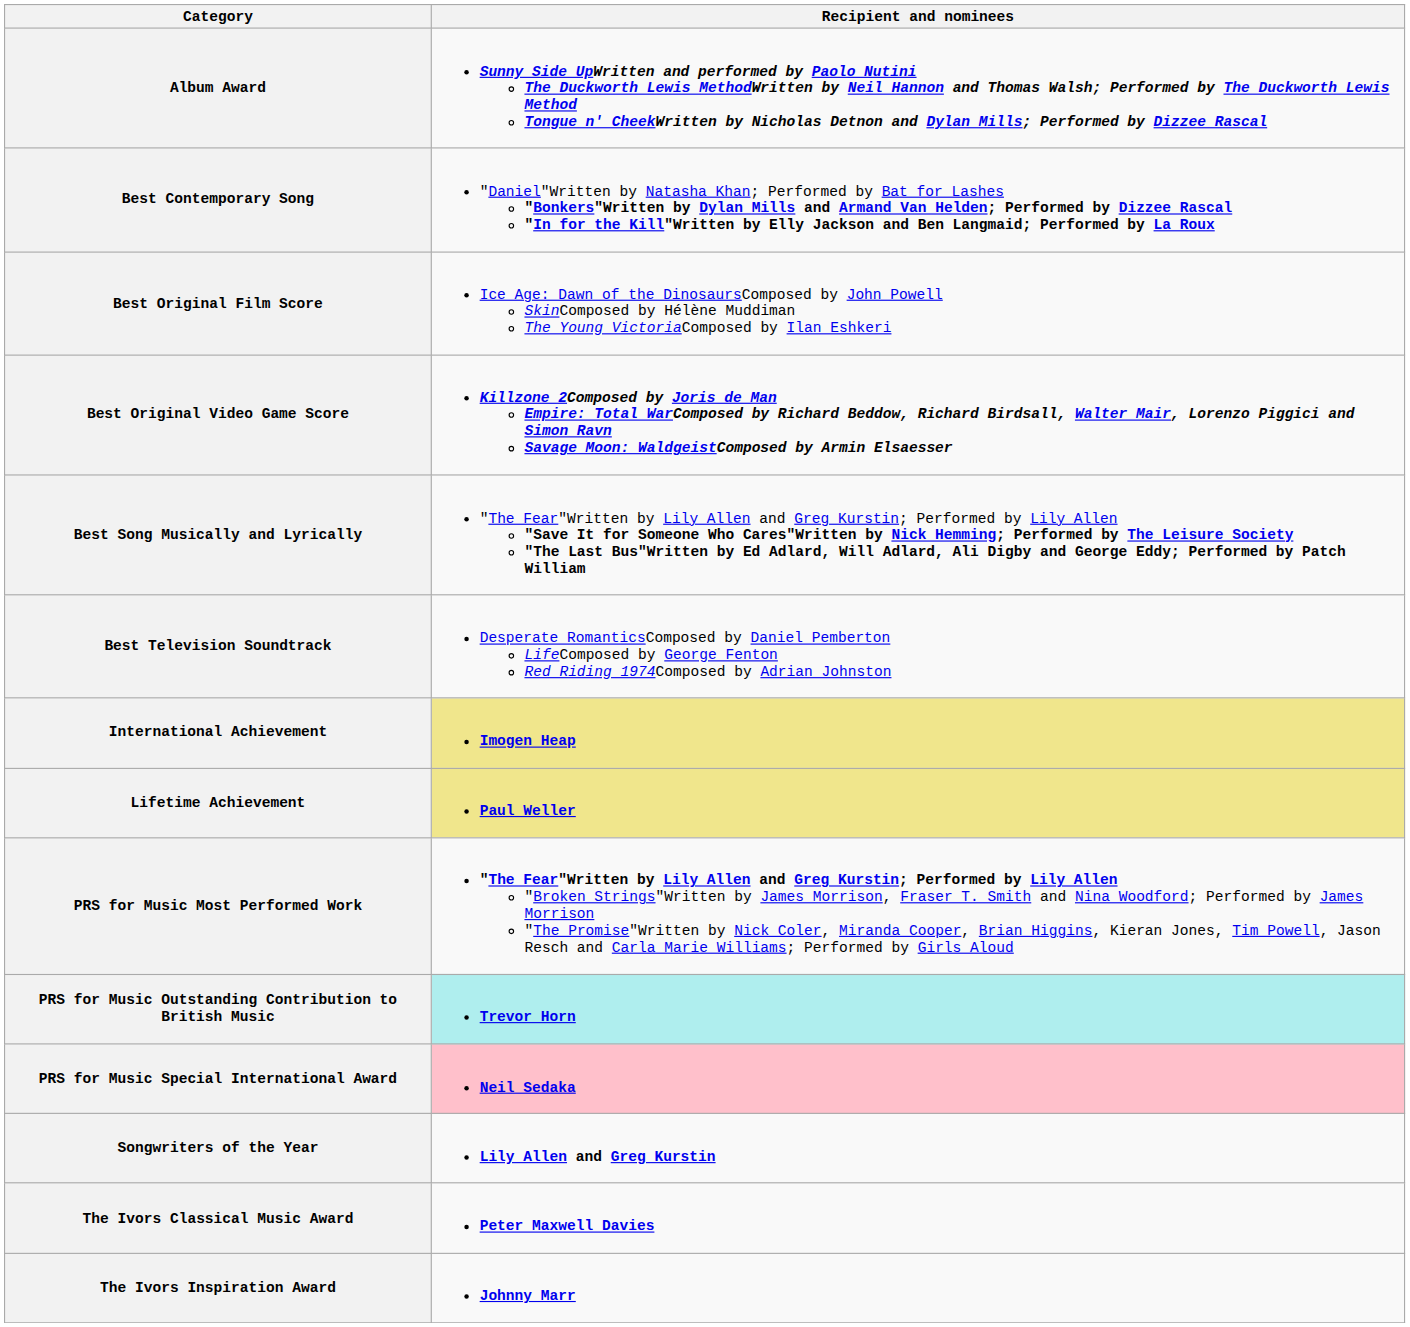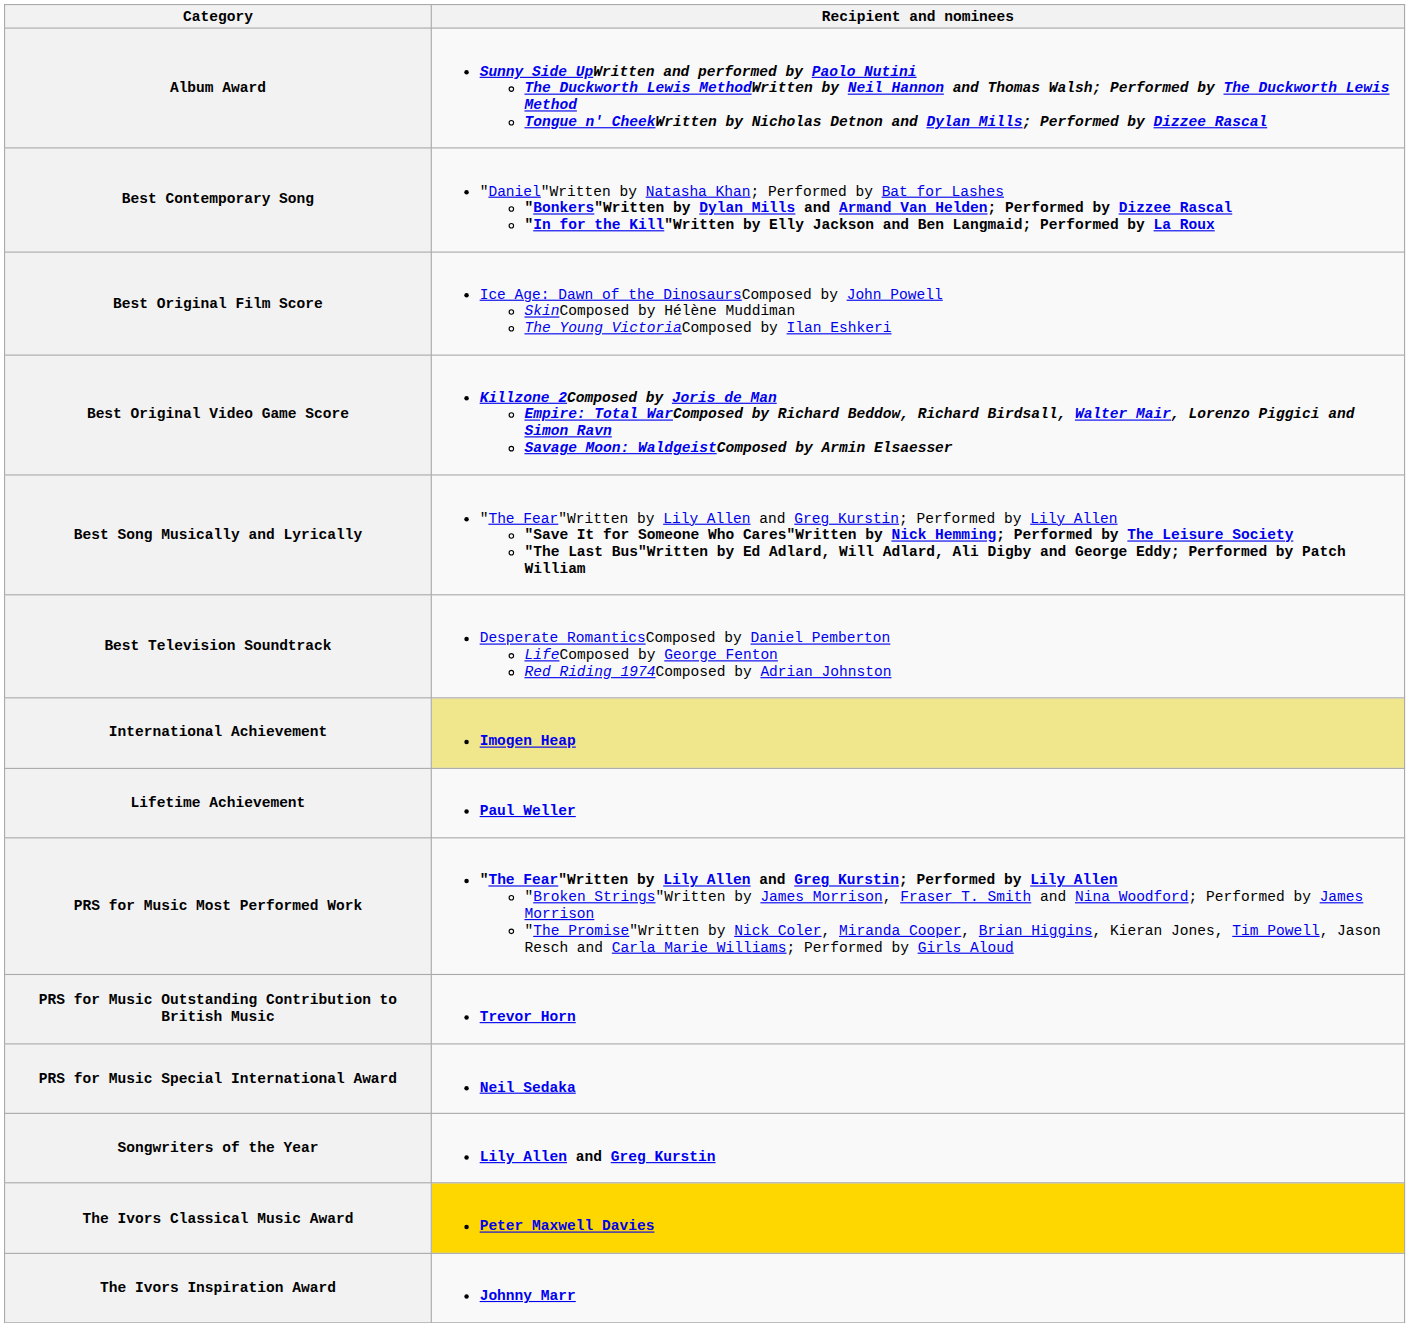 <table class="wikitable">
 <tr>
 <th width="25%">Category</th>
 <th width="57%">Recipient and nominees</th>
 </tr>
 <tr>
 <th scope="row">Album Award</th>
 <td><br><ul><li><strong><em><a href='#'>Sunny Side Up</a><em>Written and performed by <a href='#'>Paolo Nutini</a><strong><ul><li></em><a href='#'>The Duckworth Lewis Method</a><em>Written by <a href='#'>Neil Hannon</a> and Thomas Walsh; Performed by <a href='#'>The Duckworth Lewis Method</a></li><li></em><a href='#'>Tongue n' Cheek</a><em>Written by Nicholas Detnon and <a href='#'>Dylan Mills</a>; Performed by <a href='#'>Dizzee Rascal</a></li></ul></li></ul></td>
 </tr>
 <tr>
 <th scope="row">Best Contemporary Song</th>
 <td><br><ul><li></strong>"<a href='#'>Daniel</a>"Written by <a href='#'>Natasha Khan</a>; Performed by <a href='#'>Bat for Lashes</a><strong><ul><li>"<a href='#'>Bonkers</a>"Written by <a href='#'>Dylan Mills</a> and <a href='#'>Armand Van Helden</a>; Performed by <a href='#'>Dizzee Rascal</a></li><li>"<a href='#'>In for the Kill</a>"Written by Elly Jackson and Ben Langmaid; Performed by <a href='#'>La Roux</a></li></ul></li></ul></td>
 </tr>
 <tr>
 <th scope="row">Best Original Film Score</th>
 <td><br><ul><li></em></strong><a href='#'>Ice Age: Dawn of the Dinosaurs</a></em>Composed by <a href='#'>John Powell</a></strong><ul><li><em><a href='#'>Skin</a></em>Composed by Hélène Muddiman</li><li><em><a href='#'>The Young Victoria</a></em>Composed by <a href='#'>Ilan Eshkeri</a></li></ul></li></ul></td>
 </tr>
 <tr>
 <th scope="row">Best Original Video Game Score</th>
 <td><br><ul><li><strong><em><a href='#'>Killzone 2</a><em>Composed by <a href='#'>Joris de Man</a><strong><ul><li></em><a href='#'>Empire: Total War</a><em>Composed by Richard Beddow, Richard Birdsall, <a href='#'>Walter Mair</a>, Lorenzo Piggici and <a href='#'>Simon Ravn</a></li><li></em><a href='#'>Savage Moon: Waldgeist</a><em>Composed by Armin Elsaesser</li></ul></li></ul></td>
 </tr>
 <tr>
 <th scope="row">Best Song Musically and Lyrically</th>
 <td><br><ul><li></strong>"<a href='#'>The Fear</a>"Written by <a href='#'>Lily Allen</a> and <a href='#'>Greg Kurstin</a>; Performed by <a href='#'>Lily Allen</a><strong><ul><li>"Save It for Someone Who Cares"Written by <a href='#'>Nick Hemming</a>; Performed by <a href='#'>The Leisure Society</a></li><li>"The Last Bus"Written by Ed Adlard, Will Adlard, Ali Digby and George Eddy; Performed by Patch William</li></ul></li></ul></td>
 </tr>
 <tr>
 <th scope="row">Best Television Soundtrack</th>
 <td><br><ul><li></em></strong><a href='#'>Desperate Romantics</a></em>Composed by <a href='#'>Daniel Pemberton</a></strong><ul><li><em><a href='#'>Life</a></em>Composed by <a href='#'>George Fenton</a></li><li><em><a href='#'>Red Riding 1974</a></em>Composed by <a href='#'>Adrian Johnston</a></li></ul></li></ul></td>
 </tr>
 <tr>
 <th scope="row">International Achievement</th>
 <td style="background: khaki;"><br><ul><li><strong><a href='#'>Imogen Heap</a></strong></li></ul></td>
 </tr>
 <tr>
 <th scope="row">Lifetime Achievement</th>
-<td style="background: khaki;"><br><ul><li><strong><a href='#'>Paul Weller</a></strong></li></ul></td>
+<td><br><ul><li><strong><a href='#'>Paul Weller</a></strong></li></ul></td>
 </tr>
 <tr>
 <th scope="row">PRS for Music Most Performed Work</th>
 <td><br><ul><li><strong>"<a href='#'>The Fear</a>"Written by <a href='#'>Lily Allen</a> and <a href='#'>Greg Kurstin</a>; Performed by <a href='#'>Lily Allen</a></strong><ul><li>"<a href='#'>Broken Strings</a>"Written by <a href='#'>James Morrison</a>, <a href='#'>Fraser T. Smith</a> and <a href='#'>Nina Woodford</a>; Performed by <a href='#'>James Morrison</a></li><li>"<a href='#'>The Promise</a>"Written by <a href='#'>Nick Coler</a>, <a href='#'>Miranda Cooper</a>, <a href='#'>Brian Higgins</a>, Kieran Jones, <a href='#'>Tim Powell</a>, Jason Resch and <a href='#'>Carla Marie Williams</a>; Performed by <a href='#'>Girls Aloud</a></li></ul></li></ul></td>
 </tr>
 <tr>
 <th scope="row">PRS for Music Outstanding Contribution to British Music</th>
-<td style="background: paleturquoise;"><br><ul><li><strong><a href='#'>Trevor Horn</a></strong></li></ul></td>
+<td><br><ul><li><strong><a href='#'>Trevor Horn</a></strong></li></ul></td>
 </tr>
 <tr>
 <th scope="row">PRS for Music Special International Award</th>
-<td style="background: pink;"><br><ul><li><strong><a href='#'>Neil Sedaka</a></strong></li></ul></td>
+<td><br><ul><li><strong><a href='#'>Neil Sedaka</a></strong></li></ul></td>
 </tr>
 <tr>
 <th scope="row">Songwriters of the Year</th>
 <td><br><ul><li><strong><a href='#'>Lily Allen</a> and <a href='#'>Greg Kurstin</a></strong></li></ul></td>
 </tr>
 <tr>
 <th scope="row">The Ivors Classical Music Award</th>
-<td><br><ul><li><strong><a href='#'>Peter Maxwell Davies</a></strong></li></ul></td>
+<td style="background: gold;"><br><ul><li><strong><a href='#'>Peter Maxwell Davies</a></strong></li></ul></td>
 </tr>
 <tr>
 <th scope="row">The Ivors Inspiration Award</th>
 <td><br><ul><li><strong><a href='#'>Johnny Marr</a></strong></li></ul></td>
 </tr>
 </table>
